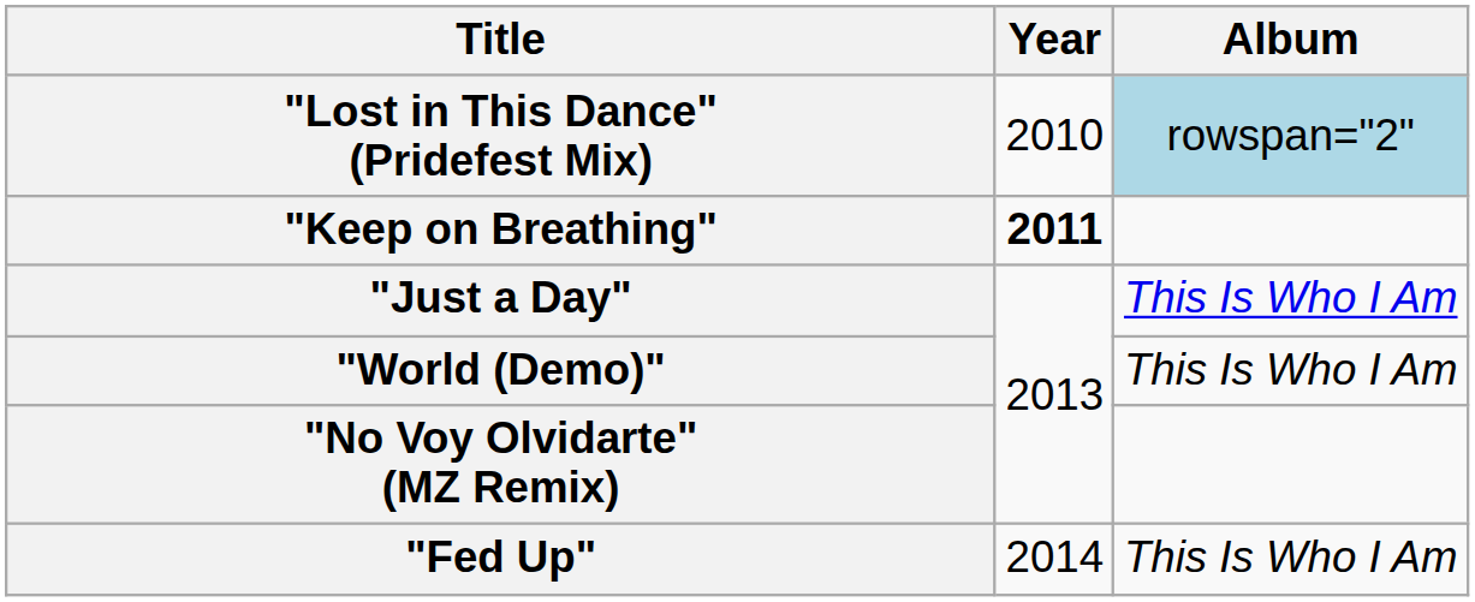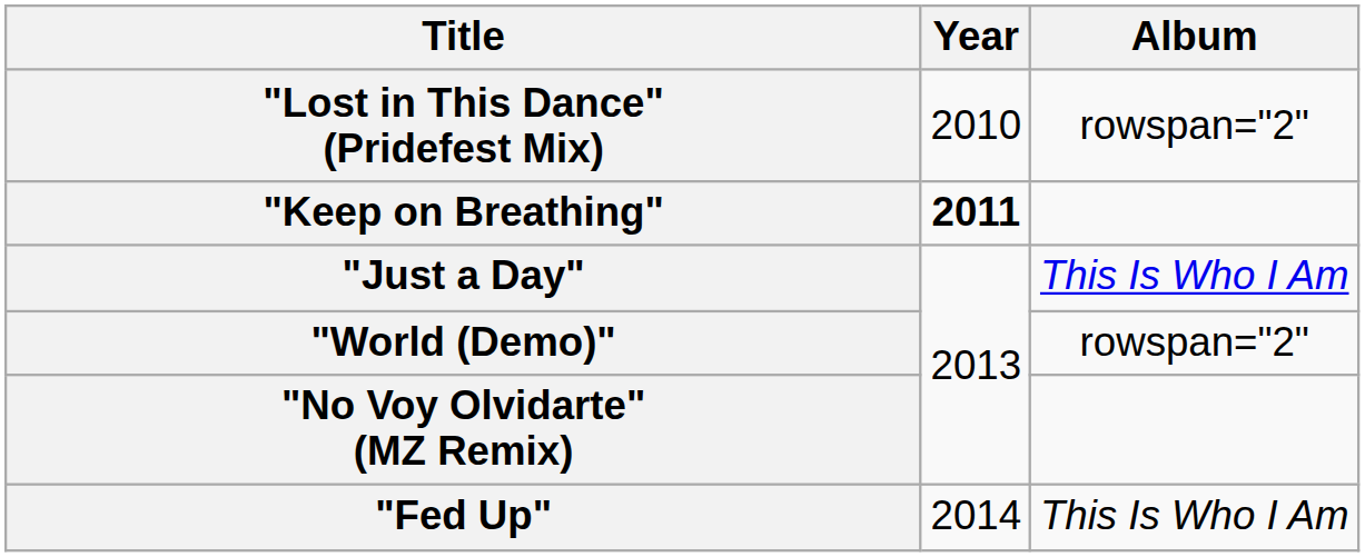 <table class="wikitable plainrowheaders" style="text-align:center;">
 <tr>
 <th scope="col" style="width:22em;">Title</th>
 <th scope="col" style="width:1em;">Year</th>
 <th scope="col">Album</th>
 </tr>
 <tr>
 <th scope="row">"Lost in This Dance"<br><span>(Pridefest Mix)</span></th>
 <td>2010</td>
-<td style="background: lightblue;">rowspan="2" </td>
+<td>rowspan="2" </td>
 </tr>
 <tr>
 <th scope="row">"Keep on Breathing"</th>
 <td><strong>2011</strong></td>
 </tr>
 <tr>
 <th scope="row">"Just a Day"</th>
 <td rowspan="3">2013</td>
 <td><em><a href='#'>This Is Who I Am</a></em></td>
 </tr>
 <tr>
 <th scope="row">"World (Demo)"</th>
-<td><em>This Is Who I Am</em></td>
+<td>rowspan="2" </td>
 </tr>
 <tr>
 <th scope="row">"No Voy Olvidarte"<br><span>(MZ Remix)</span></th>
 </tr>
 <tr>
 <th scope="row">"Fed Up"</th>
 <td rowspan="3">2014</td>
 <td><em>This Is Who I Am</em></td>
 </tr>
 </table>
